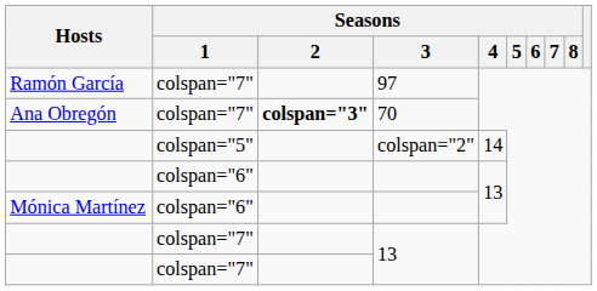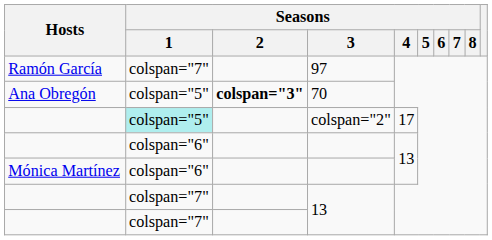 <table class="wikitable plainrowheaders" style="text-align:left">
 <tr>
 <th rowspan="2" width="25%" scope="col">Hosts</th>
 <th colspan="8">Seasons</th>
 <th rowspan="2" scope="col"></th>
 </tr>
 <tr>
 <th>1</th>
 <th>2</th>
 <th>3</th>
 <th>4</th>
 <th>5</th>
 <th>6</th>
 <th>7</th>
 <th>8</th>
 </tr>
 <tr>
 <td><a href='#'>Ramón García</a></td>
 <td>colspan="7" </td>
 <td></td>
 <td>97</td>
 </tr>
 <tr>
 <td><a href='#'>Ana Obregón</a></td>
-<td>colspan="7" </td>
+<td>colspan="5" </td>
 <td><strong>colspan="3" </strong></td>
 <td>70</td>
 </tr>
 <tr>
 <td></td>
-<td>colspan="5" </td>
+<td style="background: paleturquoise;">colspan="5" </td>
 <td></td>
 <td>colspan="2" </td>
-<td>14</td>
+<td>17</td>
 </tr>
 <tr>
 <td></td>
 <td>colspan="6" </td>
 <td></td>
 <td></td>
 <td rowspan="2">13</td>
 </tr>
 <tr>
 <td><a href='#'>Mónica Martínez</a></td>
 <td>colspan="6" </td>
 <td></td>
 <td></td>
 </tr>
 <tr>
 <td></td>
 <td>colspan="7" </td>
 <td></td>
 <td rowspan="2">13</td>
 </tr>
 <tr>
 <td></td>
 <td>colspan="7" </td>
 <td></td>
 </tr>
 </table>
